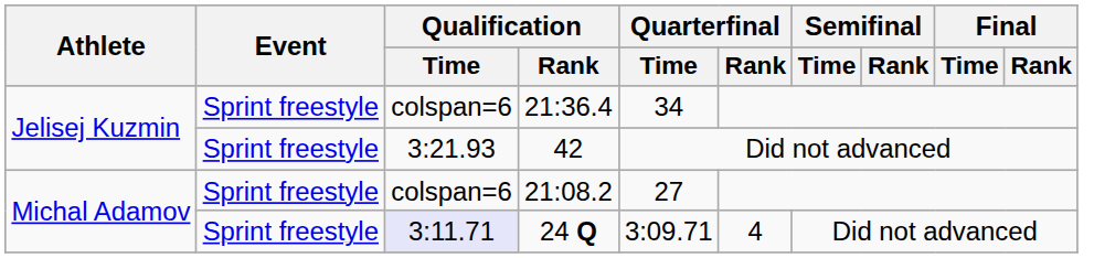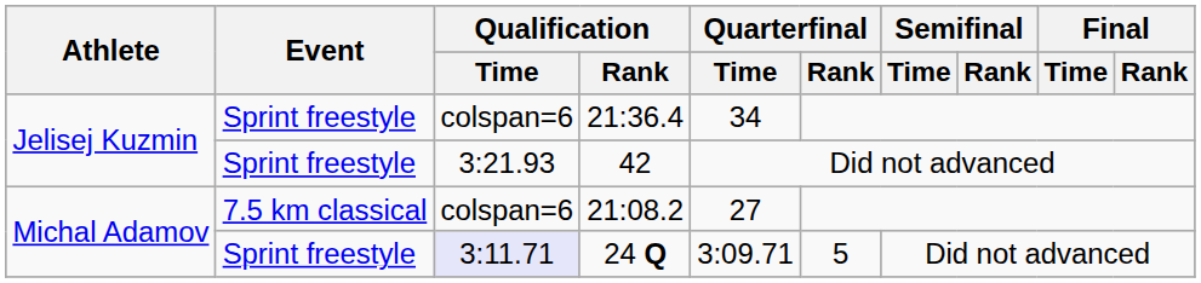 <table class="wikitable" style="font-size:90%">
 <tr>
 <th rowspan="2">Athlete</th>
 <th rowspan="2">Event</th>
 <th colspan="2">Qualification</th>
 <th colspan="2">Quarterfinal</th>
 <th colspan="2">Semifinal</th>
 <th colspan="2">Final</th>
 </tr>
 <tr style="font-size:95%">
 <th>Time</th>
 <th>Rank</th>
 <th>Time</th>
 <th>Rank</th>
 <th>Time</th>
 <th>Rank</th>
 <th>Time</th>
 <th>Rank</th>
 </tr>
 <tr align=center>
 <td align=left rowspan=2><a href='#'>Jelisej Kuzmin</a></td>
 <td align=left><a href='#'>Sprint freestyle</a></td>
 <td>colspan=6</td>
 <td>21:36.4</td>
 <td>34</td>
 </tr>
 <tr align=center>
 <td align=left><a href='#'>Sprint freestyle</a></td>
 <td>3:21.93</td>
 <td>42</td>
 <td colspan=6>Did not advanced</td>
 </tr>
 <tr align=center>
 <td align=left rowspan=2><a href='#'>Michal Adamov</a></td>
-<td align=left><a href='#'>Sprint freestyle</a></td>
+<td align=left><a href='#'>7.5 km classical</a></td>
 <td>colspan=6</td>
 <td>21:08.2</td>
 <td>27</td>
 </tr>
 <tr align=center>
 <td align=left><a href='#'>Sprint freestyle</a></td>
 <td style="background: lavender;">3:11.71</td>
 <td>24 <strong>Q</strong></td>
 <td>3:09.71</td>
-<td>4</td>
+<td>5</td>
 <td colspan=4>Did not advanced</td>
 </tr>
 </table>
